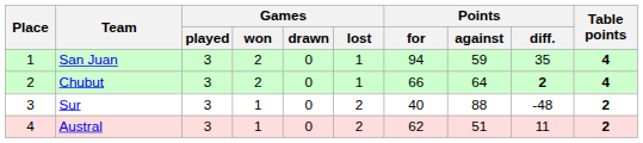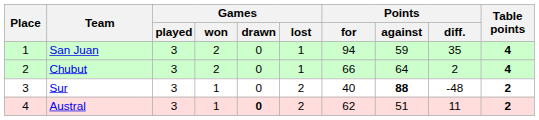 <table class="wikitable">
 <tr>
 <th rowspan=2 width="8%">Place</th>
 <th rowspan=2 width="20%">Team</th>
 <th colspan=4 width="32%">Games</th>
 <th colspan=3 width="30%">Points</th>
 <th rowspan=2 width="10%">Table<br>points</th>
 </tr>
 <tr>
 <th width="8%">played</th>
 <th width="8%">won</th>
 <th width="8%">drawn</th>
 <th width="8%">lost</th>
 <th width="10%">for</th>
 <th width="10%">against</th>
 <th width="10%">diff.</th>
 </tr>
 <tr align=center style="background: #ccffcc;">
 <td>1</td>
 <td align=left><a href='#'>San Juan</a></td>
 <td>3</td>
 <td>2</td>
 <td>0</td>
 <td>1</td>
 <td>94</td>
 <td>59</td>
 <td>35</td>
 <td><strong>4</strong></td>
 </tr>
 <tr align=center style="background: #ccffcc;">
 <td>2</td>
 <td align=left><a href='#'>Chubut</a></td>
 <td>3</td>
 <td>2</td>
 <td>0</td>
 <td>1</td>
 <td>66</td>
 <td>64</td>
-<td><strong>2</strong></td>
+<td>2</td>
 <td><strong>4</strong></td>
 </tr>
 <tr align=center style="background: #ffffff;">
 <td>3</td>
 <td align=left><a href='#'>Sur</a></td>
 <td>3</td>
 <td>1</td>
 <td>0</td>
 <td>2</td>
 <td>40</td>
-<td>88</td>
+<td><strong>88</strong></td>
 <td>-48</td>
 <td><strong>2</strong></td>
 </tr>
 <tr align=center style="background: #ffdddd;">
 <td>4</td>
 <td align=left><a href='#'>Austral</a></td>
 <td>3</td>
 <td>1</td>
-<td>0</td>
+<td><strong>0</strong></td>
 <td>2</td>
 <td>62</td>
 <td>51</td>
 <td>11</td>
 <td><strong>2</strong></td>
 </tr>
 </table>
